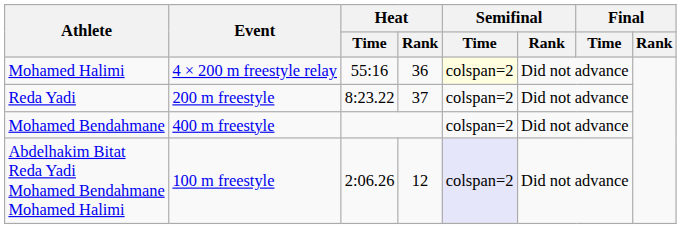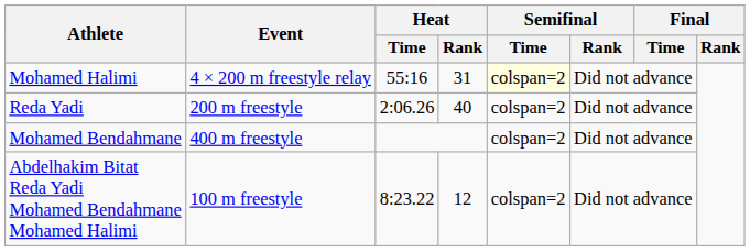 <table class=wikitable style="font-size:90%">
 <tr>
 <th rowspan="2">Athlete</th>
 <th rowspan="2">Event</th>
 <th colspan="2">Heat</th>
 <th colspan="2">Semifinal</th>
 <th colspan="2">Final</th>
 </tr>
 <tr style="font-size:95%">
 <th>Time</th>
 <th>Rank</th>
 <th>Time</th>
 <th>Rank</th>
 <th>Time</th>
 <th>Rank</th>
 </tr>
 <tr align=center>
 <td align=left><a href='#'>Mohamed Halimi</a></td>
 <td align=left><a href='#'>4 × 200 m freestyle relay</a></td>
 <td>55:16</td>
-<td>36</td>
+<td>31</td>
 <td style="background: lightyellow;">colspan=2 </td>
 <td colspan=2>Did not advance</td>
 </tr>
 <tr align=center>
 <td align=left><a href='#'>Reda Yadi</a></td>
 <td align=left><a href='#'>200 m freestyle</a></td>
-<td>8:23.22</td>
-<td>37</td>
+<td>2:06.26</td>
+<td>40</td>
 <td>colspan=2 </td>
 <td colspan=2>Did not advance</td>
 </tr>
 <tr align=center>
 <td align=left><a href='#'>Mohamed Bendahmane</a></td>
 <td align=left><a href='#'>400 m freestyle</a></td>
 <td colspan=2></td>
 <td>colspan=2 </td>
 <td colspan=2>Did not advance</td>
 </tr>
 <tr align=center>
 <td align=left><a href='#'>Abdelhakim Bitat</a><br><a href='#'>Reda Yadi</a><br><a href='#'>Mohamed Bendahmane</a><br><a href='#'>Mohamed Halimi</a></td>
 <td align=left><a href='#'>100 m freestyle</a></td>
-<td>2:06.26</td>
+<td>8:23.22</td>
 <td>12</td>
-<td style="background: lavender;">colspan=2 </td>
+<td>colspan=2 </td>
 <td colspan=2>Did not advance</td>
 </tr>
 </table>
